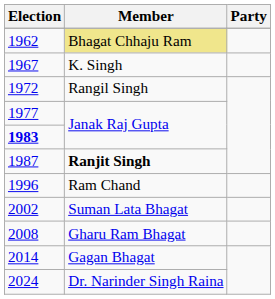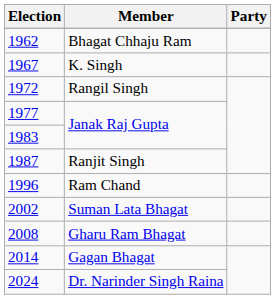 <table class="wikitable sortable">
 <tr>
 <th>Election</th>
 <th>Member</th>
 <th colspan=2>Party</th>
 </tr>
 <tr>
 </tr>
 <tr>
 <td><a href='#'>1962</a></td>
-<td style="background: khaki;">Bhagat Chhaju Ram</td>
+<td>Bhagat Chhaju Ram</td>
 <td></td>
 </tr>
 <tr>
 <td><a href='#'>1967</a></td>
 <td>K. Singh</td>
 <td></td>
 </tr>
 <tr>
 <td><a href='#'>1972</a></td>
 <td>Rangil Singh</td>
 </tr>
 <tr>
 <td><a href='#'>1977</a></td>
 <td rowspan=2><a href='#'>Janak Raj Gupta</a></td>
 </tr>
 <tr>
-<td><strong><a href='#'>1983</a></strong></td>
+<td><a href='#'>1983</a></td>
 </tr>
 <tr>
 <td><a href='#'>1987</a></td>
-<td><strong>Ranjit Singh</strong></td>
+<td>Ranjit Singh</td>
 </tr>
 <tr>
 <td><a href='#'>1996</a></td>
 <td>Ram Chand</td>
 <td></td>
 </tr>
 <tr>
 <td><a href='#'>2002</a></td>
 <td><a href='#'>Suman Lata Bhagat</a></td>
 <td></td>
 </tr>
 <tr>
 <td><a href='#'>2008</a></td>
 <td><a href='#'>Gharu Ram Bhagat</a></td>
 <td></td>
 </tr>
 <tr>
 <td><a href='#'>2014</a></td>
 <td><a href='#'>Gagan Bhagat</a></td>
 </tr>
 <tr>
 <td><a href='#'>2024</a></td>
 <td><a href='#'>Dr. Narinder Singh Raina</a></td>
 </tr>
 </table>
